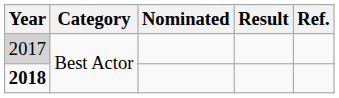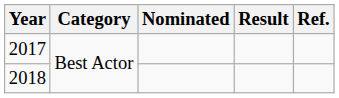 <table class="wikitable">
 <tr>
 <th>Year</th>
 <th>Category</th>
 <th>Nominated</th>
 <th>Result</th>
 <th>Ref.</th>
 </tr>
 <tr>
-<td style="background: lightgrey;">2017</td>
+<td>2017</td>
 <td rowspan=2>Best Actor</td>
 <td></td>
 <td></td>
 <td></td>
 </tr>
 <tr>
-<td><strong>2018</strong></td>
+<td>2018</td>
 <td></td>
 <td></td>
 <td></td>
 </tr>
 </table>
